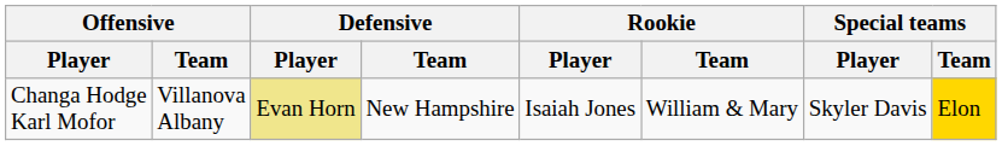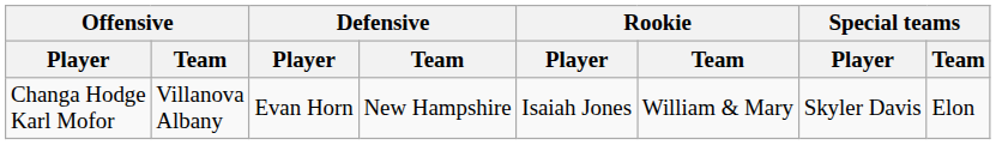 <table class="wikitable" border="1">
 <tr>
 <th colspan="2">Offensive</th>
 <th colspan="2">Defensive</th>
 <th colspan="2">Rookie</th>
 <th colspan="2">Special teams</th>
 </tr>
 <tr>
 <th>Player</th>
 <th>Team</th>
 <th>Player</th>
 <th>Team</th>
 <th>Player</th>
 <th>Team</th>
 <th>Player</th>
 <th>Team</th>
 </tr>
 <tr>
 <td>Changa Hodge<br>Karl Mofor</td>
 <td>Villanova<br>Albany</td>
-<td style="background: khaki;">Evan Horn</td>
+<td>Evan Horn</td>
 <td>New Hampshire</td>
 <td>Isaiah Jones</td>
 <td>William & Mary</td>
 <td>Skyler Davis</td>
-<td style="background: gold;">Elon</td>
+<td>Elon</td>
 </tr>
 </table>
